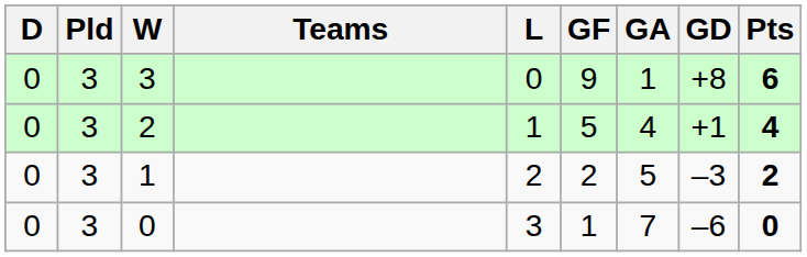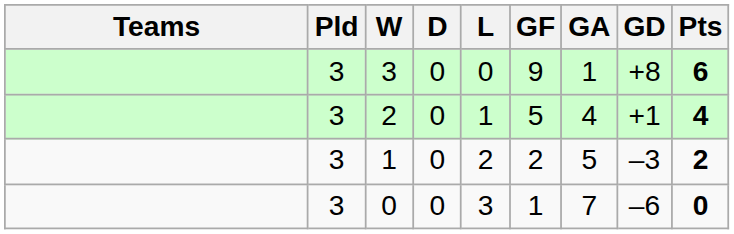 <table class="wikitable" style="text-align: center;">
 <tr>
-<th width=20>D</th>
+<th width=165>Teams</th>
 <th width=20>Pld</th>
 <th width=20>W</th>
-<th width=165>Teams</th>
+<th width=20>D</th>
 <th width=20>L</th>
 <th width=20>GF</th>
 <th width=20>GA</th>
 <th width=20>GD</th>
 <th width=20>Pts</th>
 </tr>
 <tr align=center style="background:#ccffcc;">
-<td>0</td>
+<td style="text-align:left;"></td>
 <td>3</td>
 <td>3</td>
-<td style="text-align:left;"></td>
+<td>0</td>
 <td>0</td>
 <td>9</td>
 <td>1</td>
 <td>+8</td>
 <td><strong>6</strong></td>
 </tr>
 <tr align=center style="background:#ccffcc;">
-<td>0</td>
+<td style="text-align:left;"></td>
 <td>3</td>
 <td>2</td>
-<td style="text-align:left;"></td>
+<td>0</td>
 <td>1</td>
 <td>5</td>
 <td>4</td>
 <td>+1</td>
 <td><strong>4</strong></td>
 </tr>
 <tr align=center>
-<td>0</td>
+<td style="text-align:left;"></td>
 <td>3</td>
 <td>1</td>
-<td style="text-align:left;"></td>
+<td>0</td>
 <td>2</td>
 <td>2</td>
 <td>5</td>
 <td>–3</td>
 <td><strong>2</strong></td>
 </tr>
 <tr align=center>
-<td>0</td>
+<td style="text-align:left;"></td>
 <td>3</td>
 <td>0</td>
-<td style="text-align:left;"></td>
+<td>0</td>
 <td>3</td>
 <td>1</td>
 <td>7</td>
 <td>–6</td>
 <td><strong>0</strong></td>
 </tr>
 </table>
